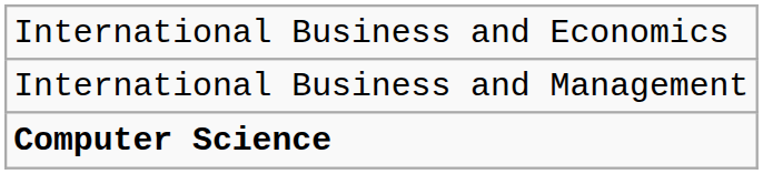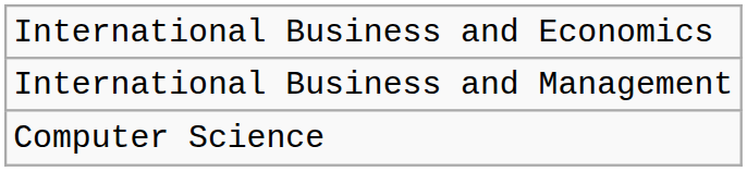 <table class="wikitable">
 <tr>
 <td>International Business and Economics</td>
 </tr>
 <tr>
 <td>International Business and Management</td>
 </tr>
 <tr>
-<td><strong>Computer Science</strong></td>
+<td>Computer Science</td>
 </tr>
 </table>
